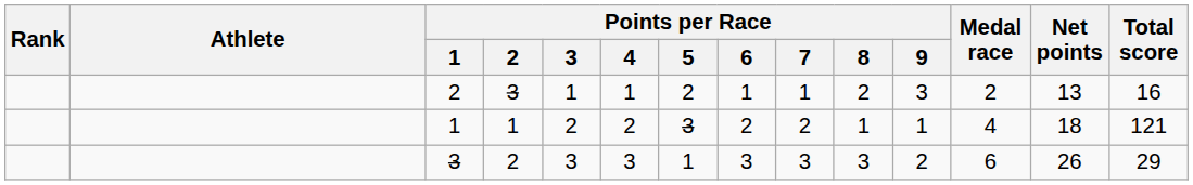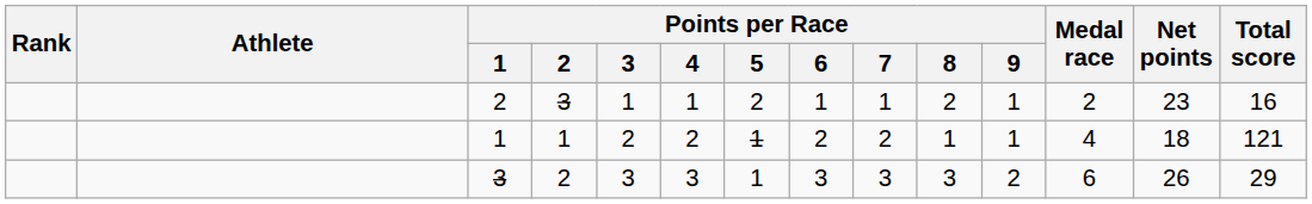 <table | class="wikitable Sortable" style="text-align:center">
 <tr>
 <th rowspan="2" width=40>Rank</th>
 <th rowspan="2" width=250>Athlete</th>
 <th colspan="9">Points per Race</th>
 <th rowspan="2" width=50>Medal race</th>
 <th rowspan="2" width=50>Net points</th>
 <th rowspan="2" width=50>Total score</th>
 </tr>
 <tr>
 <th width=35>1</th>
 <th width=35>2</th>
 <th width=35>3</th>
 <th width=35>4</th>
 <th width=35>5</th>
 <th width=35>6</th>
 <th width=35>7</th>
 <th width=35>8</th>
 <th width=35>9</th>
 </tr>
 <tr>
 <td></td>
 <td align=left> </td>
 <td>2</td>
 <td><s>3</s></td>
 <td>1</td>
 <td>1</td>
 <td>2</td>
 <td>1</td>
 <td>1</td>
 <td>2</td>
-<td>3</td>
+<td>1</td>
 <td>2</td>
-<td>13</td>
+<td>23</td>
 <td>16</td>
 </tr>
 <tr>
 <td></td>
 <td align=left> </td>
 <td>1</td>
 <td>1</td>
 <td>2</td>
 <td>2</td>
-<td><s>3</s></td>
+<td><s>1</s></td>
 <td>2</td>
 <td>2</td>
 <td>1</td>
 <td>1</td>
 <td>4</td>
 <td>18</td>
 <td>121</td>
 </tr>
 <tr>
 <td></td>
 <td align=left> </td>
 <td><s>3</s></td>
 <td>2</td>
 <td>3</td>
 <td>3</td>
 <td>1</td>
 <td>3</td>
 <td>3</td>
 <td>3</td>
 <td>2</td>
 <td>6</td>
 <td>26</td>
 <td>29</td>
 </tr>
 </table>
